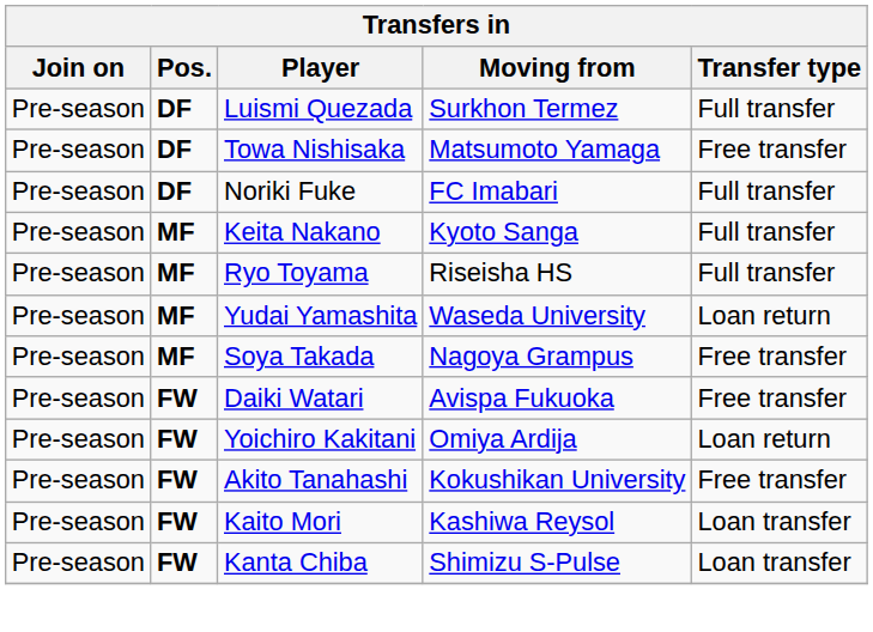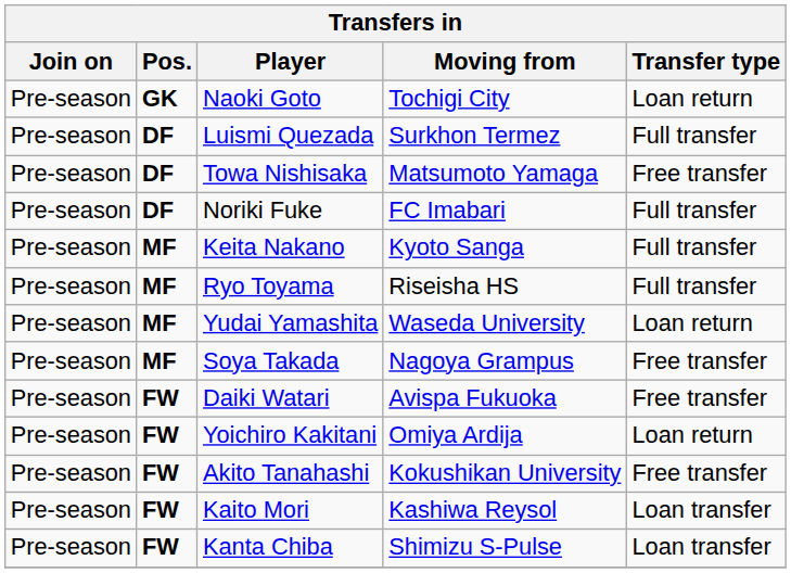 <table class="wikitable sortable" style=“text-align:left;>
 <tr>
 <th colspan="5">Transfers in</th>
 </tr>
 <tr>
 <th>Join on</th>
 <th>Pos.</th>
 <th>Player</th>
 <th>Moving from</th>
 <th>Transfer type</th>
+</tr>
+<tr>
+<td>Pre-season</td>
+<td><strong>GK</strong></td>
+<td> <a href='#'>Naoki Goto</a></td>
+<td> <a href='#'>Tochigi City</a></td>
+<td>Loan return</td>
 </tr>
 <tr>
 <td>Pre-season</td>
 <td><strong>DF</strong></td>
 <td> <a href='#'>Luismi Quezada</a></td>
 <td> <a href='#'>Surkhon Termez</a></td>
 <td>Full transfer</td>
 </tr>
 <tr>
 <td>Pre-season</td>
 <td><strong>DF</strong></td>
 <td> <a href='#'>Towa Nishisaka</a></td>
 <td> <a href='#'>Matsumoto Yamaga</a></td>
 <td>Free transfer</td>
 </tr>
 <tr>
 <td>Pre-season</td>
 <td><strong>DF</strong></td>
 <td> Noriki Fuke</td>
 <td> <a href='#'>FC Imabari</a></td>
 <td>Full transfer</td>
 </tr>
 <tr>
 <td>Pre-season</td>
 <td><strong>MF</strong></td>
 <td> <a href='#'>Keita Nakano</a></td>
 <td> <a href='#'>Kyoto Sanga</a></td>
 <td>Full transfer</td>
 </tr>
 <tr>
 <td>Pre-season</td>
 <td><strong>MF</strong></td>
 <td> <a href='#'>Ryo Toyama</a></td>
 <td> Riseisha HS</td>
 <td>Full transfer</td>
 </tr>
 <tr>
 <td>Pre-season</td>
 <td><strong>MF</strong></td>
 <td> <a href='#'>Yudai Yamashita</a></td>
 <td> <a href='#'>Waseda University</a></td>
 <td>Loan return</td>
 </tr>
 <tr>
 <td>Pre-season</td>
 <td><strong>MF</strong></td>
 <td> <a href='#'>Soya Takada</a></td>
 <td> <a href='#'>Nagoya Grampus</a></td>
 <td>Free transfer</td>
 </tr>
 <tr>
 <td>Pre-season</td>
 <td><strong>FW</strong></td>
 <td> <a href='#'>Daiki Watari</a></td>
 <td> <a href='#'>Avispa Fukuoka</a></td>
 <td>Free transfer</td>
 </tr>
 <tr>
 <td>Pre-season</td>
 <td><strong>FW</strong></td>
 <td> <a href='#'>Yoichiro Kakitani</a></td>
 <td> <a href='#'>Omiya Ardija</a></td>
 <td>Loan return</td>
 </tr>
 <tr>
 <td>Pre-season</td>
 <td><strong>FW</strong></td>
 <td> <a href='#'>Akito Tanahashi</a></td>
 <td> <a href='#'>Kokushikan University</a></td>
 <td>Free transfer</td>
 </tr>
 <tr>
 <td>Pre-season</td>
 <td><strong>FW</strong></td>
 <td> <a href='#'>Kaito Mori</a></td>
 <td> <a href='#'>Kashiwa Reysol</a></td>
 <td>Loan transfer</td>
 </tr>
 <tr>
 <td>Pre-season</td>
 <td><strong>FW</strong></td>
 <td> <a href='#'>Kanta Chiba</a></td>
 <td> <a href='#'>Shimizu S-Pulse</a></td>
 <td>Loan transfer</td>
 </tr>
 <tr>
 </tr>
 </table>
